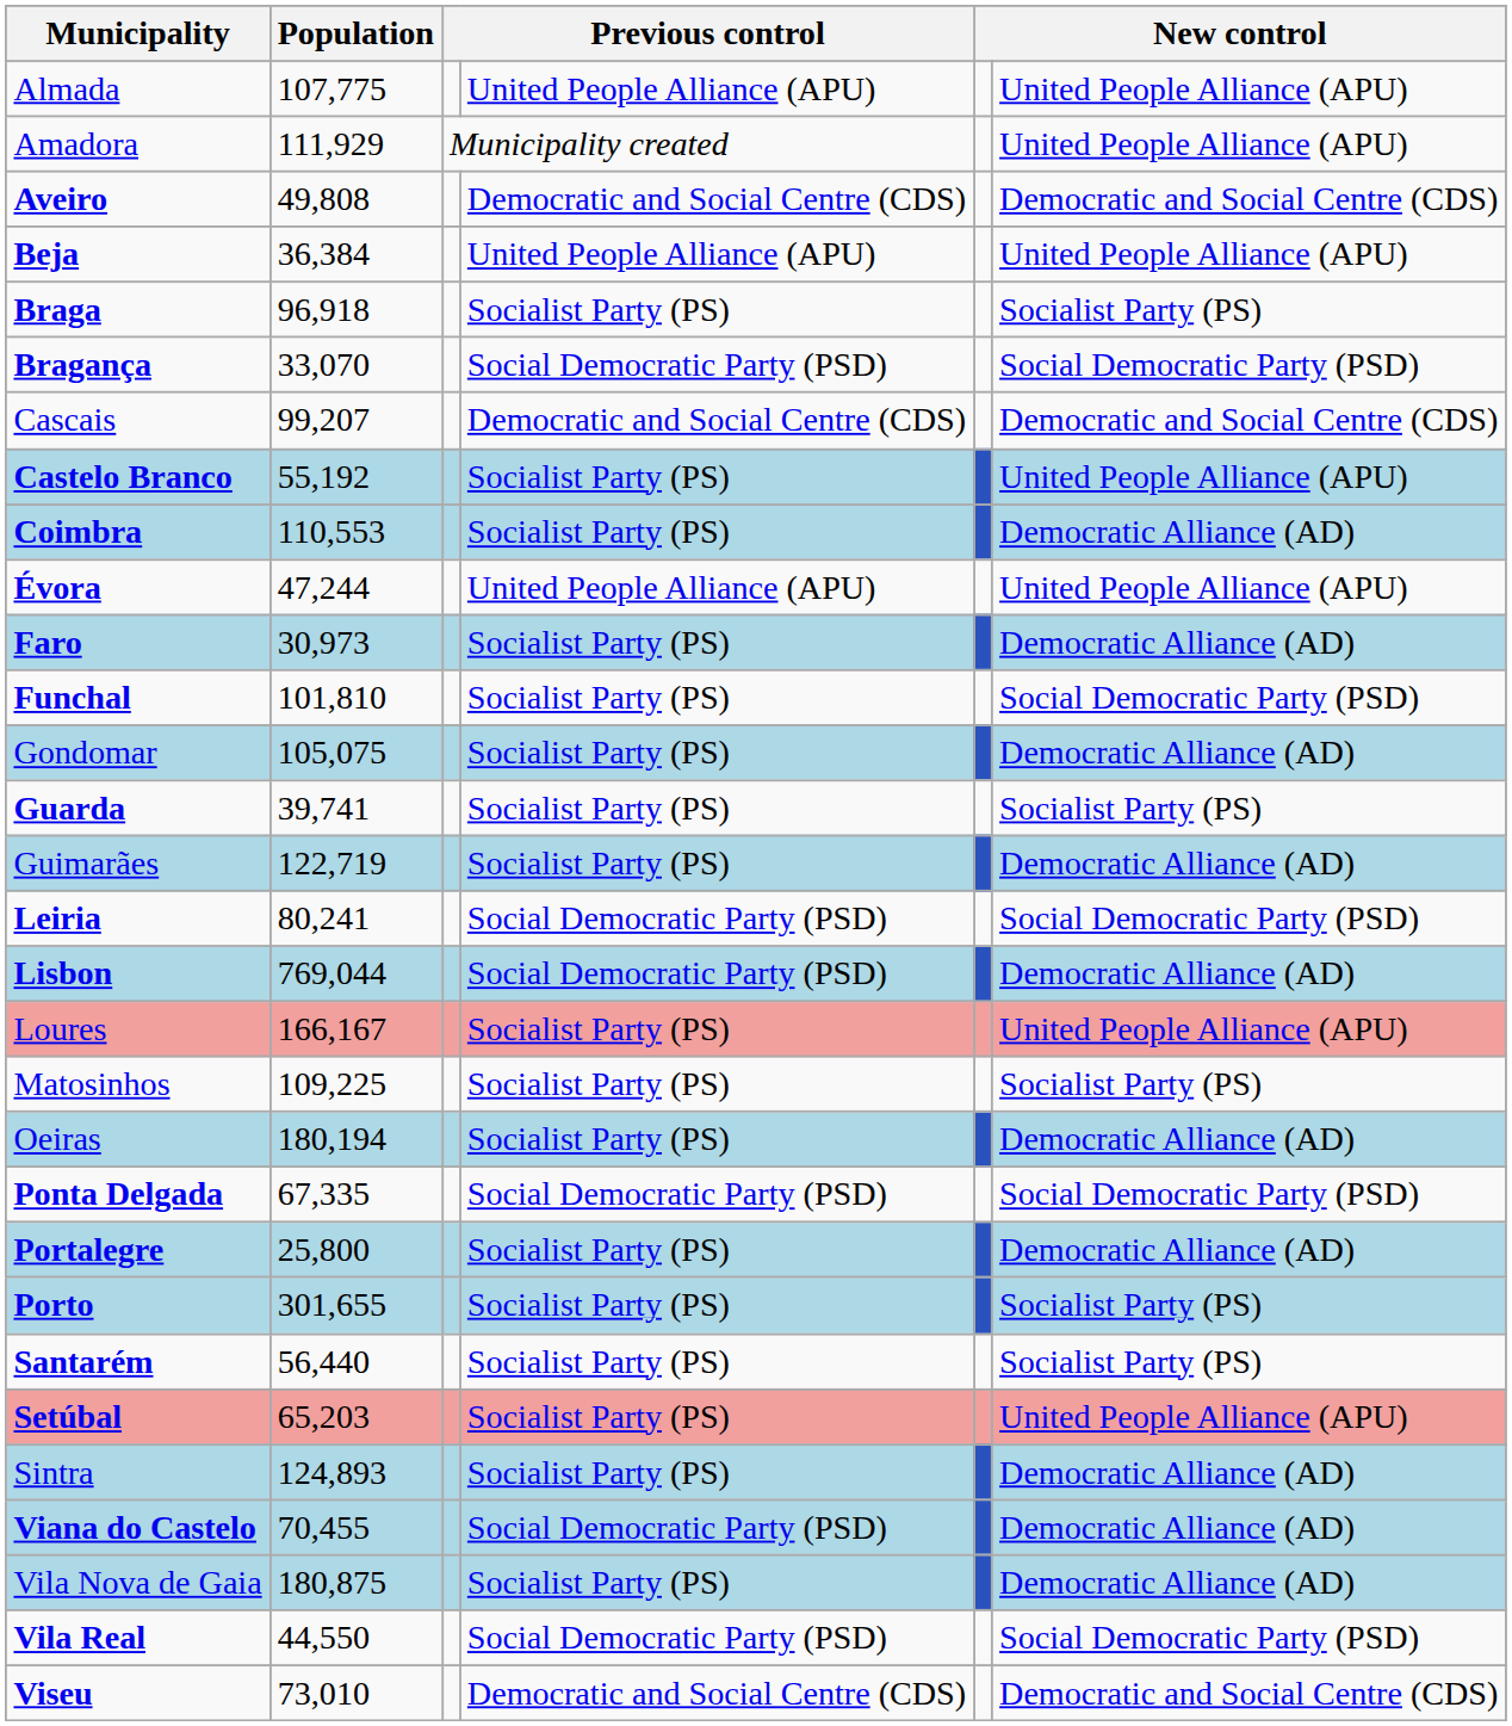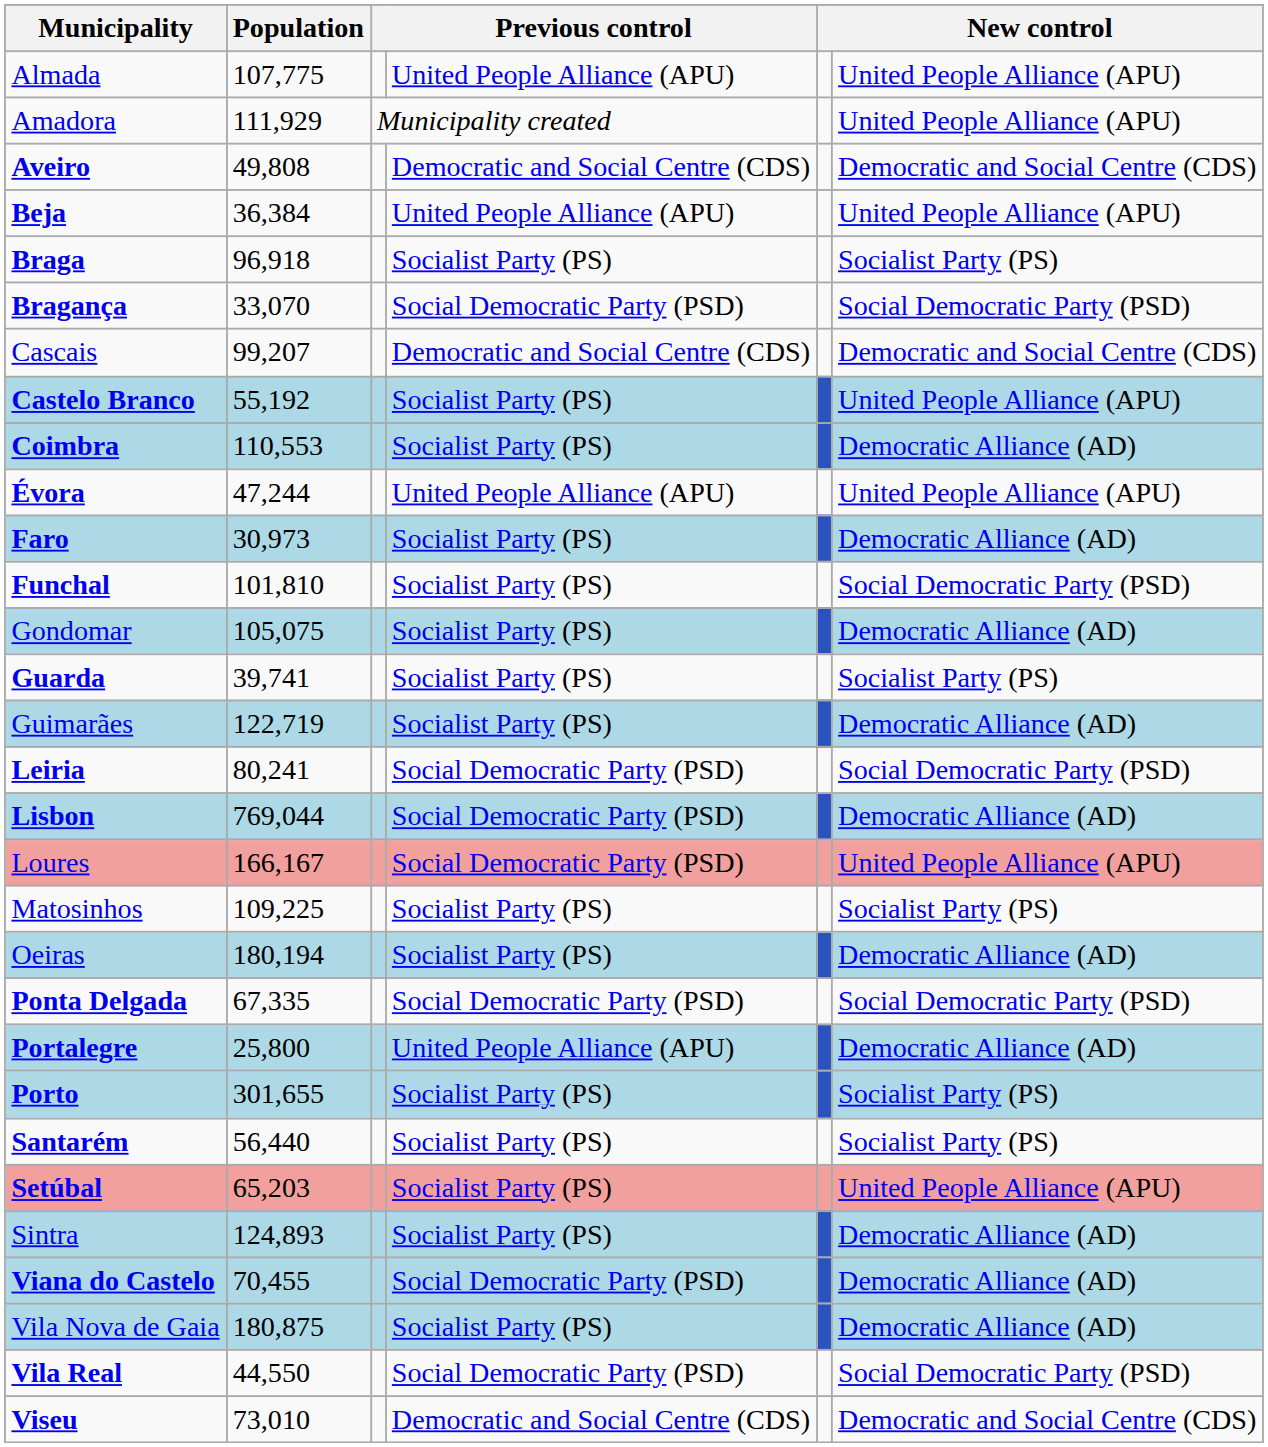 <table class="wikitable sortable" style="font-size:95%;">
 <tr>
 <th>Municipality</th>
 <th>Population</th>
 <th colspan="2" style="width:200px;">Previous control</th>
 <th colspan="2" style="width:200px;">New control</th>
 </tr>
 <tr>
 <td><a href='#'>Almada</a></td>
 <td>107,775</td>
 <td width="1" style="color:inherit;background:"></td>
 <td><a href='#'>United People Alliance</a> (APU)</td>
 <td width="1" style="color:inherit;background:"></td>
 <td><a href='#'>United People Alliance</a> (APU)</td>
 </tr>
 <tr>
 <td><a href='#'>Amadora</a></td>
 <td>111,929</td>
 <td colspan="2"><em>Municipality created</em></td>
 <td width="1" style="color:inherit;background:"></td>
 <td><a href='#'>United People Alliance</a> (APU)</td>
 </tr>
 <tr>
 <td><a href='#'><strong>Aveiro</strong></a></td>
 <td>49,808</td>
 <td width="1" style="color:inherit;background:"></td>
 <td><a href='#'>Democratic and Social Centre</a> (CDS)</td>
 <td width="1" style="color:inherit;background:"></td>
 <td><a href='#'>Democratic and Social Centre</a> (CDS)</td>
 </tr>
 <tr>
 <td><a href='#'><strong>Beja</strong></a></td>
 <td>36,384</td>
 <td width="1" style="color:inherit;background:"></td>
 <td><a href='#'>United People Alliance</a> (APU)</td>
 <td width="1" style="color:inherit;background:"></td>
 <td><a href='#'>United People Alliance</a> (APU)</td>
 </tr>
 <tr>
 <td><strong><a href='#'>Braga</a></strong></td>
 <td>96,918</td>
 <td width="1" style="color:inherit;background:"></td>
 <td><a href='#'>Socialist Party</a> (PS)</td>
 <td width="1" style="color:inherit;background:"></td>
 <td><a href='#'>Socialist Party</a> (PS)</td>
 </tr>
 <tr>
 <td><a href='#'><strong>Bragança</strong></a></td>
 <td>33,070</td>
 <td width="1" style="color:inherit;background:"></td>
 <td><a href='#'>Social Democratic Party</a> (PSD)</td>
 <td width="1" style="color:inherit;background:"></td>
 <td><a href='#'>Social Democratic Party</a> (PSD)</td>
 </tr>
 <tr>
 <td><a href='#'>Cascais</a></td>
 <td>99,207</td>
 <td width="1" style="color:inherit;background:"></td>
 <td><a href='#'>Democratic and Social Centre</a> (CDS)</td>
 <td width="1" style="color:inherit;background:"></td>
 <td><a href='#'>Democratic and Social Centre</a> (CDS)</td>
 </tr>
 <tr style="background-color:lightblue">
 <td><a href='#'><strong>Castelo Branco</strong></a></td>
 <td>55,192</td>
 <td width="1" style="color:inherit;background:"></td>
 <td><a href='#'>Socialist Party</a> (PS)</td>
 <td width="1" style="color:inherit;background:#2A52BE"></td>
 <td><a href='#'>United People Alliance</a> (APU)</td>
 </tr>
 <tr style="background-color:lightblue">
 <td><strong><a href='#'>Coimbra</a></strong></td>
 <td>110,553</td>
 <td width="1" style="color:inherit;background:"></td>
 <td><a href='#'>Socialist Party</a> (PS)</td>
 <td width="1" style="color:inherit;background:#2A52BE"></td>
 <td><a href='#'>Democratic Alliance</a> (AD)</td>
 </tr>
 <tr>
 <td><strong><a href='#'>Évora</a></strong></td>
 <td>47,244</td>
 <td width="1" style="color:inherit;background:"></td>
 <td><a href='#'>United People Alliance</a> (APU)</td>
 <td width="1" style="color:inherit;background:"></td>
 <td><a href='#'>United People Alliance</a> (APU)</td>
 </tr>
 <tr style="background-color:lightblue">
 <td><a href='#'><strong>Faro</strong></a></td>
 <td>30,973</td>
 <td width="1" style="color:inherit;background:"></td>
 <td><a href='#'>Socialist Party</a> (PS)</td>
 <td width="1" style="color:inherit;background:#2A52BE"></td>
 <td><a href='#'>Democratic Alliance</a> (AD)</td>
 </tr>
 <tr>
 <td><strong><a href='#'>Funchal</a></strong></td>
 <td>101,810</td>
 <td width="1" style="color:inherit;background:"></td>
 <td><a href='#'>Socialist Party</a> (PS)</td>
 <td width="1" style="color:inherit;background:"></td>
 <td><a href='#'>Social Democratic Party</a> (PSD)</td>
 </tr>
 <tr style="background-color:lightblue">
 <td><a href='#'>Gondomar</a></td>
 <td>105,075</td>
 <td width="1" style="color:inherit;background:"></td>
 <td><a href='#'>Socialist Party</a> (PS)</td>
 <td width="1" style="color:inherit;background:#2A52BE"></td>
 <td><a href='#'>Democratic Alliance</a> (AD)</td>
 </tr>
 <tr>
 <td><a href='#'><strong>Guarda</strong></a></td>
 <td>39,741</td>
 <td width="1" style="color:inherit;background:"></td>
 <td><a href='#'>Socialist Party</a> (PS)</td>
 <td width="1" style="color:inherit;background:"></td>
 <td><a href='#'>Socialist Party</a> (PS)</td>
 </tr>
 <tr style="background-color:lightblue">
 <td><a href='#'>Guimarães</a></td>
 <td>122,719</td>
 <td width="1" style="color:inherit;background:"></td>
 <td><a href='#'>Socialist Party</a> (PS)</td>
 <td width="1" style="color:inherit;background:#2A52BE"></td>
 <td><a href='#'>Democratic Alliance</a> (AD)</td>
 </tr>
 <tr>
 <td><strong><a href='#'>Leiria</a></strong></td>
 <td>80,241</td>
 <td width="1" style="color:inherit;background:"></td>
 <td><a href='#'>Social Democratic Party</a> (PSD)</td>
 <td width="1" style="color:inherit;background:"></td>
 <td><a href='#'>Social Democratic Party</a> (PSD)</td>
 </tr>
 <tr style="background-color:lightblue">
 <td><strong><a href='#'>Lisbon</a></strong></td>
 <td>769,044</td>
 <td width="1" style="color:inherit;background:"></td>
 <td><a href='#'>Social Democratic Party</a> (PSD)</td>
 <td width="1" style="color:inherit;background:#2A52BE"></td>
 <td><a href='#'>Democratic Alliance</a> (AD)</td>
 </tr>
 <tr style="background-color:#F1A09E">
 <td><a href='#'>Loures</a></td>
 <td>166,167</td>
 <td width="1" style="color:inherit;background:"></td>
-<td><a href='#'>Socialist Party</a> (PS)</td>
+<td><a href='#'>Social Democratic Party</a> (PSD)</td>
 <td width="1" style="color:inherit;background:"></td>
 <td><a href='#'>United People Alliance</a> (APU)</td>
 </tr>
 <tr>
 <td><a href='#'>Matosinhos</a></td>
 <td>109,225</td>
 <td width="1" style="color:inherit;background:"></td>
 <td><a href='#'>Socialist Party</a> (PS)</td>
 <td width="1" style="color:inherit;background:"></td>
 <td><a href='#'>Socialist Party</a> (PS)</td>
 </tr>
 <tr style="background-color:lightblue">
 <td><a href='#'>Oeiras</a></td>
 <td>180,194</td>
 <td width="1" style="color:inherit;background:"></td>
 <td><a href='#'>Socialist Party</a> (PS)</td>
 <td width="1" style="color:inherit;background:#2A52BE"></td>
 <td><a href='#'>Democratic Alliance</a> (AD)</td>
 </tr>
 <tr>
 <td><strong><a href='#'>Ponta Delgada</a></strong></td>
 <td>67,335</td>
 <td width="1" style="color:inherit;background:"></td>
 <td><a href='#'>Social Democratic Party</a> (PSD)</td>
 <td width="1" style="color:inherit;background:"></td>
 <td><a href='#'>Social Democratic Party</a> (PSD)</td>
 </tr>
 <tr style="background-color:lightblue">
 <td><a href='#'><strong>Portalegre</strong></a></td>
 <td>25,800</td>
 <td width="1" style="color:inherit;background:"></td>
-<td><a href='#'>Socialist Party</a> (PS)</td>
+<td><a href='#'>United People Alliance</a> (APU)</td>
 <td width="1" style="color:inherit;background:#2A52BE"></td>
 <td><a href='#'>Democratic Alliance</a> (AD)</td>
 </tr>
 <tr style="background-color:lightblue">
 <td><strong><a href='#'>Porto</a></strong></td>
 <td>301,655</td>
 <td width="1" style="color:inherit;background:"></td>
 <td><a href='#'>Socialist Party</a> (PS)</td>
 <td width="1" style="color:inherit;background:#2A52BE"></td>
 <td><a href='#'>Socialist Party</a> (PS)</td>
 </tr>
 <tr>
 <td><a href='#'><strong>Santarém</strong></a></td>
 <td>56,440</td>
 <td width="1" style="color:inherit;background:"></td>
 <td><a href='#'>Socialist Party</a> (PS)</td>
 <td width="1" style="color:inherit;background:"></td>
 <td><a href='#'>Socialist Party</a> (PS)</td>
 </tr>
 <tr style="background-color:#F1A09E">
 <td><strong><a href='#'>Setúbal</a></strong></td>
 <td>65,203</td>
 <td width="1" style="color:inherit;background:"></td>
 <td><a href='#'>Socialist Party</a> (PS)</td>
 <td width="1" style="color:inherit;background:"></td>
 <td><a href='#'>United People Alliance</a> (APU)</td>
 </tr>
 <tr style="background-color:lightblue">
 <td><a href='#'>Sintra</a></td>
 <td>124,893</td>
 <td width="1" style="color:inherit;background:"></td>
 <td><a href='#'>Socialist Party</a> (PS)</td>
 <td width="1" style="color:inherit;background:#2A52BE"></td>
 <td><a href='#'>Democratic Alliance</a> (AD)</td>
 </tr>
 <tr style="background-color:lightblue">
 <td><strong><a href='#'>Viana do Castelo</a></strong></td>
 <td>70,455</td>
 <td width="1" style="color:inherit;background:"></td>
 <td><a href='#'>Social Democratic Party</a> (PSD)</td>
 <td width="1" style="color:inherit;background:#2A52BE"></td>
 <td><a href='#'>Democratic Alliance</a> (AD)</td>
 </tr>
 <tr style="background-color:lightblue">
 <td><a href='#'>Vila Nova de Gaia</a></td>
 <td>180,875</td>
 <td width="1" style="color:inherit;background:"></td>
 <td><a href='#'>Socialist Party</a> (PS)</td>
 <td width="1" style="color:inherit;background:#2A52BE"></td>
 <td><a href='#'>Democratic Alliance</a> (AD)</td>
 </tr>
 <tr>
 <td><strong><a href='#'>Vila Real</a></strong></td>
 <td>44,550</td>
 <td width="1" style="color:inherit;background:"></td>
 <td><a href='#'>Social Democratic Party</a> (PSD)</td>
 <td width="1" style="color:inherit;background:"></td>
 <td><a href='#'>Social Democratic Party</a> (PSD)</td>
 </tr>
 <tr>
 <td><strong><a href='#'>Viseu</a></strong></td>
 <td>73,010</td>
 <td width="1" style="color:inherit;background:"></td>
 <td><a href='#'>Democratic and Social Centre</a> (CDS)</td>
 <td width="1" style="color:inherit;background:"></td>
 <td><a href='#'>Democratic and Social Centre</a> (CDS)</td>
 </tr>
 </table>
